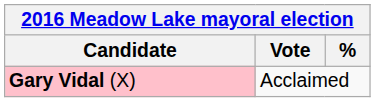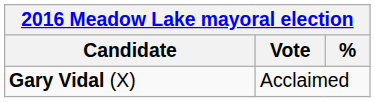 <table class="wikitable">
 <tr>
 <th colspan="3"><a href='#'>2016 Meadow Lake mayoral election</a></th>
 </tr>
 <tr>
 <th bgcolor="#DDDDFF" width="200px">Candidate</th>
 <th bgcolor="#DDDDFF" width="50px">Vote</th>
 <th bgcolor="#DDDDFF" width="30px">%</th>
 </tr>
 <tr>
-<td style="background: pink;"><strong>Gary Vidal</strong> (X)</td>
+<td><strong>Gary Vidal</strong> (X)</td>
 <td colspan="2">Acclaimed</td>
 </tr>
 </table>
